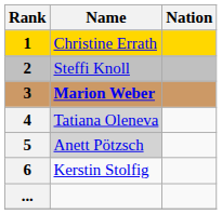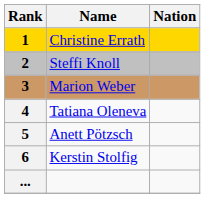 <table class="wikitable">
 <tr>
 <th>Rank</th>
 <th>Name</th>
 <th>Nation</th>
 </tr>
 <tr bgcolor="gold">
 <td align="center"><strong>1</strong></td>
 <td><a href='#'>Christine Errath</a></td>
 <td></td>
 </tr>
 <tr bgcolor="silver">
 <td align="center"><strong>2</strong></td>
 <td><a href='#'>Steffi Knoll</a></td>
 <td></td>
 </tr>
 <tr bgcolor="cc9966">
 <td align="center"><strong>3</strong></td>
-<td><strong><a href='#'>Marion Weber</a></strong></td>
+<td><a href='#'>Marion Weber</a></td>
 <td></td>
 </tr>
 <tr>
 <th>4</th>
-<td style="background: lightgrey;"><a href='#'>Tatiana Oleneva</a></td>
+<td><a href='#'>Tatiana Oleneva</a></td>
 <td></td>
 </tr>
 <tr>
 <th>5</th>
-<td style="background: lightgrey;"><a href='#'>Anett Pötzsch</a></td>
+<td><a href='#'>Anett Pötzsch</a></td>
 <td></td>
 </tr>
 <tr>
 <th>6</th>
 <td><a href='#'>Kerstin Stolfig</a></td>
 <td></td>
 </tr>
 <tr>
 <th>...</th>
 <td></td>
 <td></td>
 </tr>
 <tr>
 </tr>
 </table>
